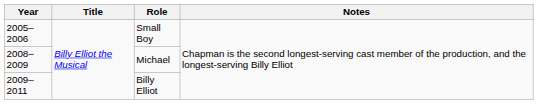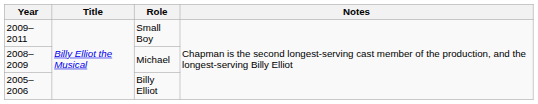 <table class="wikitable sortable">
 <tr>
 <th>Year</th>
 <th>Title</th>
 <th>Role</th>
 <th class="unsortable">Notes</th>
 </tr>
 <tr>
-<td>2005–2006</td>
+<td>2009–2011</td>
 <td rowspan="3"><em><a href='#'>Billy Elliot the Musical</a></em></td>
 <td>Small Boy</td>
 <td rowspan="3">Chapman is the second longest-serving cast member of the production, and the longest-serving Billy Elliot</td>
 </tr>
 <tr>
 <td>2008–2009</td>
 <td>Michael</td>
 </tr>
 <tr>
-<td>2009–2011</td>
+<td>2005–2006</td>
 <td>Billy Elliot</td>
 </tr>
 </table>
